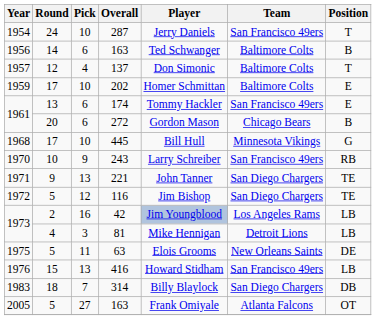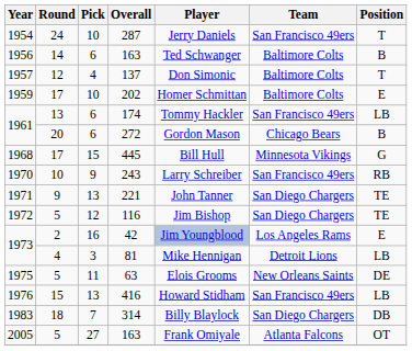 <table class="wikitable sortable" style="text-align: center;">
 <tr>
 <th>Year</th>
 <th>Round</th>
 <th>Pick</th>
 <th>Overall</th>
 <th>Player</th>
 <th>Team</th>
 <th>Position</th>
 </tr>
 <tr>
 <td>1954</td>
 <td>24</td>
 <td>10</td>
 <td>287</td>
 <td><a href='#'>Jerry Daniels</a></td>
 <td><a href='#'>San Francisco 49ers</a></td>
 <td>T</td>
 </tr>
 <tr>
 <td>1956</td>
 <td>14</td>
 <td>6</td>
 <td>163</td>
 <td><a href='#'>Ted Schwanger</a></td>
 <td><a href='#'>Baltimore Colts</a></td>
 <td>B</td>
 </tr>
 <tr>
 <td>1957</td>
 <td>12</td>
 <td>4</td>
 <td>137</td>
 <td><a href='#'>Don Simonic</a></td>
 <td><a href='#'>Baltimore Colts</a></td>
 <td>T</td>
 </tr>
 <tr>
 <td>1959</td>
 <td>17</td>
 <td>10</td>
 <td>202</td>
 <td><a href='#'>Homer Schmittan</a></td>
 <td><a href='#'>Baltimore Colts</a></td>
 <td>E</td>
 </tr>
 <tr>
 <td rowspan="2">1961</td>
 <td>13</td>
 <td>6</td>
 <td>174</td>
 <td><a href='#'>Tommy Hackler</a></td>
 <td><a href='#'>San Francisco 49ers</a></td>
-<td>E</td>
+<td>LB</td>
 </tr>
 <tr>
 <td>20</td>
 <td>6</td>
 <td>272</td>
 <td><a href='#'>Gordon Mason</a></td>
 <td><a href='#'>Chicago Bears</a></td>
 <td>B</td>
 </tr>
 <tr>
 <td>1968</td>
 <td>17</td>
-<td>10</td>
+<td>15</td>
 <td>445</td>
 <td><a href='#'>Bill Hull</a></td>
 <td><a href='#'>Minnesota Vikings</a></td>
 <td>G</td>
 </tr>
 <tr>
 <td>1970</td>
 <td>10</td>
 <td>9</td>
 <td>243</td>
 <td><a href='#'>Larry Schreiber</a></td>
 <td><a href='#'>San Francisco 49ers</a></td>
 <td>RB</td>
 </tr>
 <tr>
 <td>1971</td>
 <td>9</td>
 <td>13</td>
 <td>221</td>
 <td><a href='#'>John Tanner</a></td>
 <td><a href='#'>San Diego Chargers</a></td>
 <td>TE</td>
 </tr>
 <tr>
 <td>1972</td>
 <td>5</td>
 <td>12</td>
 <td>116</td>
 <td><a href='#'>Jim Bishop</a></td>
 <td><a href='#'>San Diego Chargers</a></td>
 <td>TE</td>
 </tr>
 <tr>
 <td rowspan="2">1973</td>
 <td>2</td>
 <td>16</td>
 <td>42</td>
 <td style="background-color:lightsteelblue"><a href='#'>Jim Youngblood</a></td>
 <td><a href='#'>Los Angeles Rams</a></td>
-<td>LB</td>
+<td>E</td>
 </tr>
 <tr>
 <td>4</td>
 <td>3</td>
 <td>81</td>
 <td><a href='#'>Mike Hennigan</a></td>
 <td><a href='#'>Detroit Lions</a></td>
 <td>LB</td>
 </tr>
 <tr>
 <td>1975</td>
 <td>5</td>
 <td>11</td>
 <td>63</td>
 <td><a href='#'>Elois Grooms</a></td>
 <td><a href='#'>New Orleans Saints</a></td>
 <td>DE</td>
 </tr>
 <tr>
 <td>1976</td>
 <td>15</td>
 <td>13</td>
 <td>416</td>
 <td><a href='#'>Howard Stidham</a></td>
 <td><a href='#'>San Francisco 49ers</a></td>
 <td>LB</td>
 </tr>
 <tr>
 <td>1983</td>
 <td>18</td>
 <td>7</td>
 <td>314</td>
 <td><a href='#'>Billy Blaylock</a></td>
 <td><a href='#'>San Diego Chargers</a></td>
 <td>DB</td>
 </tr>
 <tr>
 <td>2005</td>
 <td>5</td>
 <td>27</td>
 <td>163</td>
 <td><a href='#'>Frank Omiyale</a></td>
 <td><a href='#'>Atlanta Falcons</a></td>
 <td>OT</td>
 </tr>
 <tr>
 </tr>
 </table>
